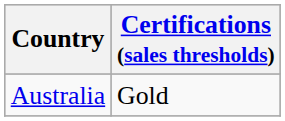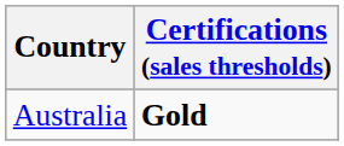 <table class="wikitable">
 <tr>
 <th>Country</th>
 <th><a href='#'>Certifications</a><br><small>(<a href='#'>sales thresholds</a>)</small></th>
 </tr>
 <tr>
 <td><a href='#'>Australia</a></td>
-<td>Gold</td>
+<td><strong>Gold</strong></td>
 </tr>
 </table>
